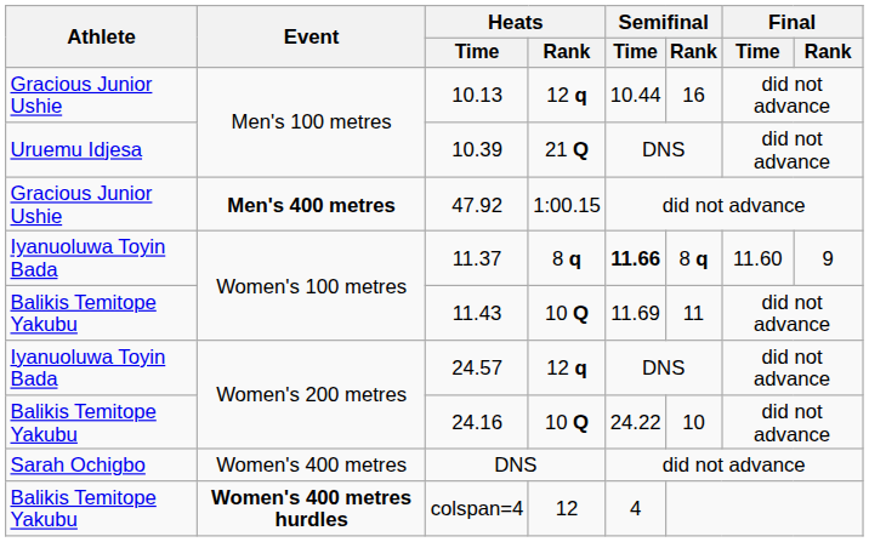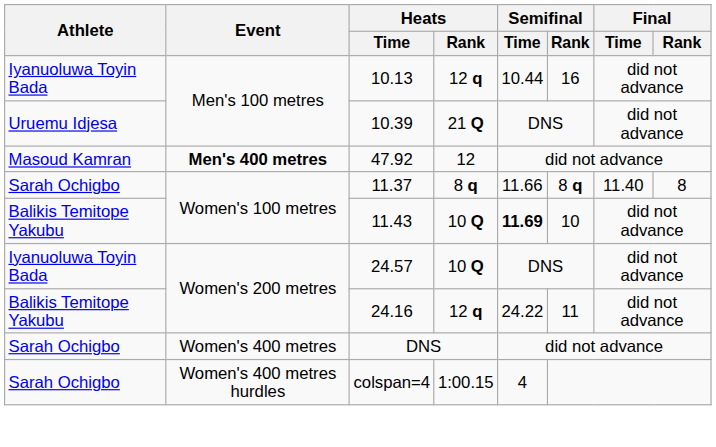 <table class=wikitable style=font-size:90%;text-align:center>
 <tr>
 <th rowspan=2>Athlete</th>
 <th rowspan=2>Event</th>
 <th colspan=2>Heats</th>
 <th colspan=2>Semifinal</th>
 <th colspan=2>Final</th>
 </tr>
 <tr style=font-size:95%>
 <th>Time</th>
 <th>Rank</th>
 <th>Time</th>
 <th>Rank</th>
 <th>Time</th>
 <th>Rank</th>
 </tr>
 <tr>
-<td align=left><a href='#'>Gracious Junior Ushie</a></td>
+<td align=left><a href='#'>Iyanuoluwa Toyin Bada</a></td>
 <td rowspan=2>Men's 100 metres</td>
 <td>10.13</td>
 <td>12 <strong>q</strong></td>
 <td>10.44</td>
 <td>16</td>
 <td colspan=2>did not advance</td>
 </tr>
 <tr>
 <td align=left><a href='#'>Uruemu Idjesa</a></td>
 <td>10.39</td>
 <td>21 <strong>Q</strong></td>
 <td colspan=2>DNS</td>
 <td colspan=2>did not advance</td>
 </tr>
 <tr>
-<td align=left><a href='#'>Gracious Junior Ushie</a></td>
+<td align=left><a href='#'>Masoud Kamran</a></td>
 <td><strong>Men's 400 metres</strong></td>
 <td>47.92</td>
-<td>1:00.15</td>
+<td>12</td>
 <td colspan=4>did not advance</td>
 </tr>
 <tr>
-<td align=left><a href='#'>Iyanuoluwa Toyin Bada</a></td>
+<td align=left><a href='#'>Sarah Ochigbo</a></td>
 <td rowspan=2>Women's 100 metres</td>
 <td>11.37</td>
 <td>8 <strong>q</strong></td>
-<td><strong>11.66</strong></td>
+<td>11.66</td>
 <td>8 <strong>q</strong></td>
-<td>11.60</td>
-<td>9</td>
+<td>11.40</td>
+<td>8</td>
 </tr>
 <tr>
 <td align=left><a href='#'>Balikis Temitope Yakubu</a></td>
 <td>11.43</td>
 <td>10 <strong>Q</strong></td>
-<td>11.69</td>
-<td>11</td>
+<td><strong>11.69</strong></td>
+<td>10</td>
 <td colspan=2>did not advance</td>
 </tr>
 <tr>
 <td align=left><a href='#'>Iyanuoluwa Toyin Bada</a></td>
 <td rowspan=2>Women's 200 metres</td>
 <td>24.57</td>
-<td>12 <strong>q</strong></td>
+<td>10 <strong>Q</strong></td>
 <td colspan=2>DNS</td>
 <td colspan=2>did not advance</td>
 </tr>
 <tr>
 <td align=left><a href='#'>Balikis Temitope Yakubu</a></td>
 <td>24.16</td>
-<td>10 <strong>Q</strong></td>
+<td>12 <strong>q</strong></td>
 <td>24.22</td>
-<td>10</td>
+<td>11</td>
 <td colspan=2>did not advance</td>
 </tr>
 <tr>
 <td align=left><a href='#'>Sarah Ochigbo</a></td>
 <td>Women's 400 metres</td>
 <td colspan=2>DNS</td>
 <td colspan=4>did not advance</td>
 </tr>
 <tr>
-<td align=left><a href='#'>Balikis Temitope Yakubu</a></td>
-<td><strong>Women's 400 metres hurdles</strong></td>
+<td align=left><a href='#'>Sarah Ochigbo</a></td>
+<td>Women's 400 metres hurdles</td>
 <td>colspan=4 </td>
-<td>12</td>
+<td>1:00.15</td>
 <td>4</td>
 </tr>
 </table>
